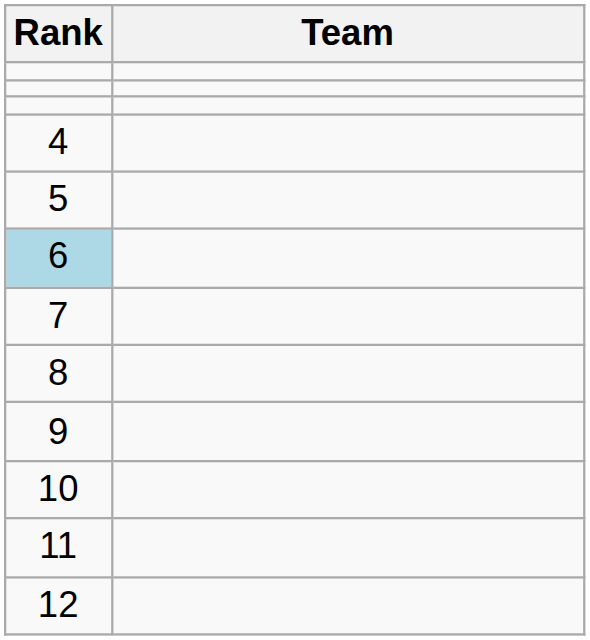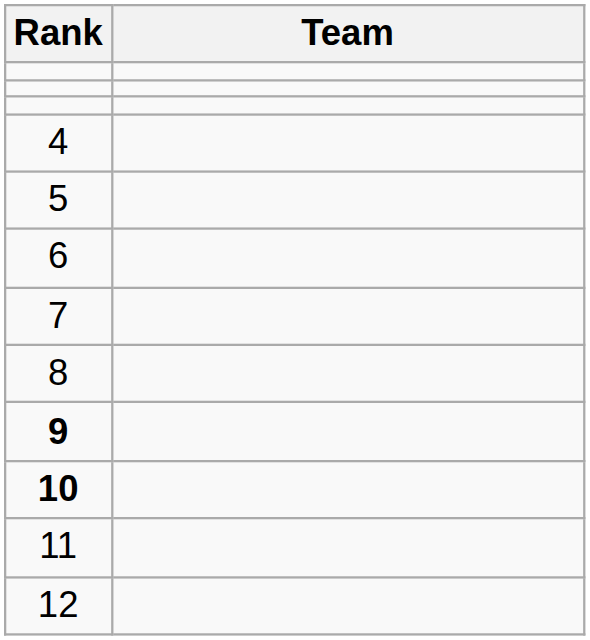 <table class="wikitable" style="text-align: center">
 <tr>
 <th width=>Rank</th>
 <th width=200>Team</th>
 </tr>
 <tr>
 <td></td>
 <td style="text-align:left"></td>
 </tr>
 <tr>
 <td></td>
 <td style="text-align:left"></td>
 </tr>
 <tr>
 <td></td>
 <td style="text-align:left"></td>
 </tr>
 <tr>
 <td>4</td>
 <td style="text-align:left"></td>
 </tr>
 <tr>
 <td>5</td>
 <td style="text-align:left"></td>
 </tr>
 <tr>
-<td style="background: lightblue;">6</td>
+<td>6</td>
 <td style="text-align:left"></td>
 </tr>
 <tr>
 <td>7</td>
 <td style="text-align:left"></td>
 </tr>
 <tr>
 <td>8</td>
 <td style="text-align:left"></td>
 </tr>
 <tr>
-<td>9</td>
+<td><strong>9</strong></td>
 <td style="text-align:left"></td>
 </tr>
 <tr>
-<td>10</td>
+<td><strong>10</strong></td>
 <td style="text-align:left"></td>
 </tr>
 <tr>
 <td>11</td>
 <td style="text-align:left"></td>
 </tr>
 <tr>
 <td>12</td>
 <td style="text-align:left"></td>
 </tr>
 </table>
